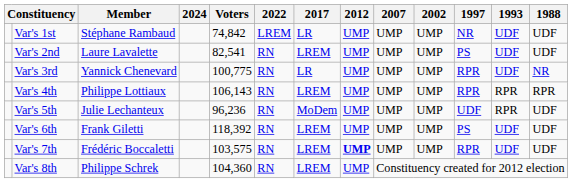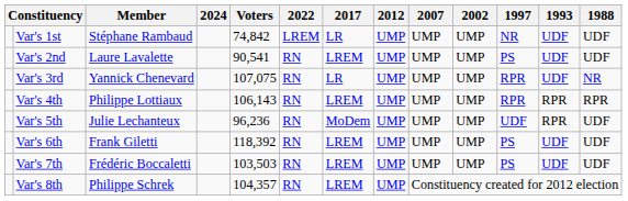 <table class="wikitable sortable">
 <tr>
 <th colspan="2">Constituency</th>
 <th>Member</th>
 <th>2024</th>
 <th>Voters</th>
 <th>2022</th>
 <th>2017</th>
 <th>2012</th>
 <th>2007</th>
 <th>2002</th>
 <th>1997</th>
 <th>1993</th>
 <th>1988</th>
 </tr>
 <tr>
 <td style="background-color: "></td>
 <td><a href='#'>Var's 1st</a></td>
 <td><a href='#'>Stéphane Rambaud</a></td>
 <td></td>
 <td>74,842</td>
 <td><a href='#'>LREM</a></td>
 <td><a href='#'>LR</a></td>
 <td><a href='#'>UMP</a></td>
 <td>UMP</td>
 <td>UMP</td>
 <td><a href='#'>NR</a></td>
 <td><a href='#'>UDF</a></td>
 <td>UDF</td>
 </tr>
 <tr>
 <td style="background-color: "></td>
 <td><a href='#'>Var's 2nd</a></td>
 <td><a href='#'>Laure Lavalette</a></td>
 <td></td>
-<td>82,541</td>
+<td>90,541</td>
 <td><a href='#'>RN</a></td>
 <td><a href='#'>LREM</a></td>
 <td><a href='#'>UMP</a></td>
 <td>UMP</td>
 <td>UMP</td>
 <td><a href='#'>PS</a></td>
 <td><a href='#'>UDF</a></td>
 <td>UDF</td>
 </tr>
 <tr>
 <td style="background-color: "></td>
 <td><a href='#'>Var's 3rd</a></td>
 <td><a href='#'>Yannick Chenevard</a></td>
 <td></td>
-<td>100,775</td>
+<td>107,075</td>
 <td><a href='#'>RN</a></td>
 <td><a href='#'>LR</a></td>
 <td><a href='#'>UMP</a></td>
 <td>UMP</td>
 <td>UMP</td>
 <td><a href='#'>RPR</a></td>
 <td><a href='#'>UDF</a></td>
 <td><a href='#'>NR</a></td>
 </tr>
 <tr>
 <td style="background-color: "></td>
 <td><a href='#'>Var's 4th</a></td>
 <td><a href='#'>Philippe Lottiaux</a></td>
 <td></td>
 <td>106,143</td>
 <td><a href='#'>RN</a></td>
 <td><a href='#'>LREM</a></td>
 <td><a href='#'>UMP</a></td>
 <td>UMP</td>
 <td>UMP</td>
 <td><a href='#'>RPR</a></td>
 <td>RPR</td>
 <td>RPR</td>
 </tr>
 <tr>
 <td style="background-color: "></td>
 <td><a href='#'>Var's 5th</a></td>
 <td><a href='#'>Julie Lechanteux</a></td>
 <td></td>
 <td>96,236</td>
 <td><a href='#'>RN</a></td>
 <td><a href='#'>MoDem</a></td>
 <td><a href='#'>UMP</a></td>
 <td>UMP</td>
 <td>UMP</td>
 <td><a href='#'>UDF</a></td>
 <td>RPR</td>
 <td>UDF</td>
 </tr>
 <tr>
 <td style="background-color: "></td>
 <td><a href='#'>Var's 6th</a></td>
 <td><a href='#'>Frank Giletti</a></td>
 <td></td>
 <td>118,392</td>
 <td><a href='#'>RN</a></td>
 <td><a href='#'>LREM</a></td>
 <td><a href='#'>UMP</a></td>
 <td>UMP</td>
 <td>UMP</td>
 <td><a href='#'>PS</a></td>
 <td><a href='#'>UDF</a></td>
 <td>UDF</td>
 </tr>
 <tr>
 <td style="background-color: "></td>
 <td><a href='#'>Var's 7th</a></td>
 <td><a href='#'>Frédéric Boccaletti</a></td>
 <td></td>
-<td>103,575</td>
+<td>103,503</td>
 <td><a href='#'>RN</a></td>
 <td><a href='#'>LREM</a></td>
-<td><strong><a href='#'>UMP</a></strong></td>
+<td><a href='#'>UMP</a></td>
 <td>UMP</td>
 <td>UMP</td>
-<td><a href='#'>RPR</a></td>
+<td><a href='#'>PS</a></td>
 <td><a href='#'>UDF</a></td>
 <td>UDF</td>
 </tr>
 <tr>
 <td style="background-color: "></td>
 <td><a href='#'>Var's 8th</a></td>
 <td><a href='#'>Philippe Schrek</a></td>
 <td></td>
-<td>104,360</td>
+<td>104,357</td>
 <td><a href='#'>RN</a></td>
 <td><a href='#'>LREM</a></td>
 <td><a href='#'>UMP</a></td>
 <td colspan="5">Constituency created for 2012 election</td>
 </tr>
 </table>
